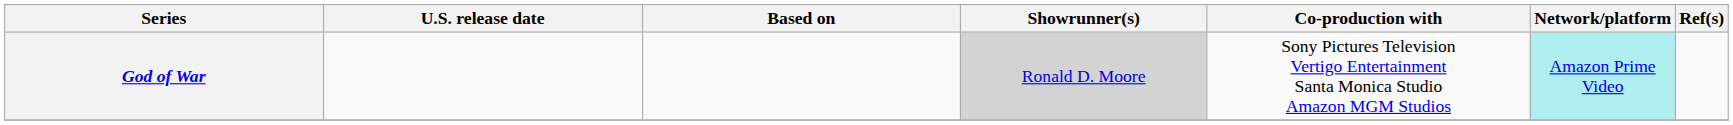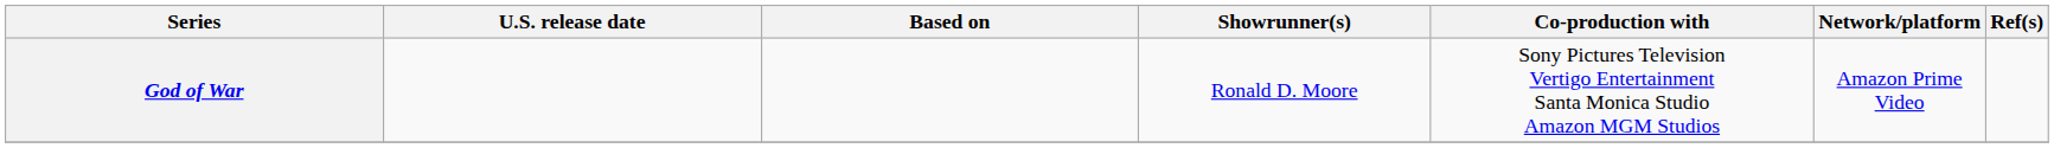 <table class="wikitable sortable">
 <tr>
 <th width=20%>Series</th>
 <th width=20%>U.S. release date</th>
 <th width=20%>Based on</th>
 <th width=15%>Showrunner(s)</th>
 <th width=20% class="unsortable">Co-production with</th>
 <th width=5%>Network/platform</th>
 <th width=5%>Ref(s)</th>
 </tr>
 <tr style="text-align:center;">
 <th><em><a href='#'>God of War</a></em></th>
 <td></td>
 <td></td>
-<td style="background: lightgrey;"><a href='#'>Ronald D. Moore</a></td>
+<td><a href='#'>Ronald D. Moore</a></td>
 <td>Sony Pictures Television<br><a href='#'>Vertigo Entertainment</a><br>Santa Monica Studio<br><a href='#'>Amazon MGM Studios</a></td>
-<td style="background: paleturquoise;"><a href='#'>Amazon Prime Video</a></td>
+<td><a href='#'>Amazon Prime Video</a></td>
 <td></td>
 </tr>
 <tr style="text-align:center;">
 </tr>
 </table>
